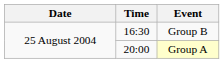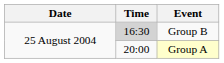 <table class = "wikitable" style="text-align:center;">
 <tr>
 <th width=150>Date</th>
 <th width=50>Time</th>
 <th width=80>Event</th>
 </tr>
 <tr>
 <td rowspan=2>25 August 2004</td>
-<td>16:30</td>
+<td style="background: lightgrey;">16:30</td>
 <td>Group B</td>
 </tr>
 <tr>
 <td>20:00</td>
 <td bgcolor=ffffcc>Group A</td>
 </tr>
 </table>
